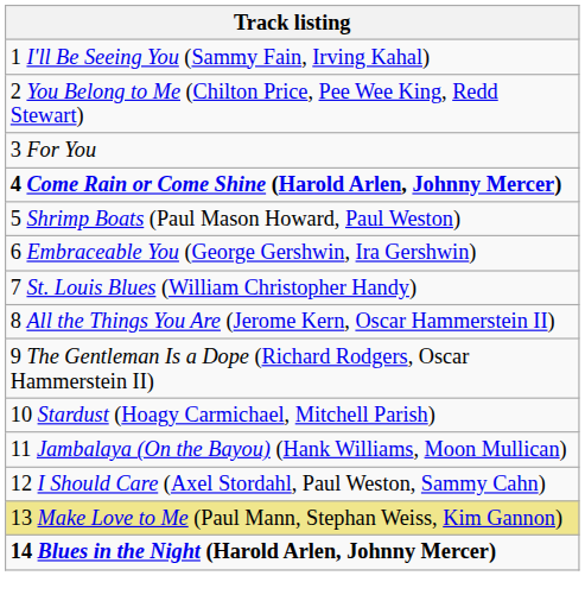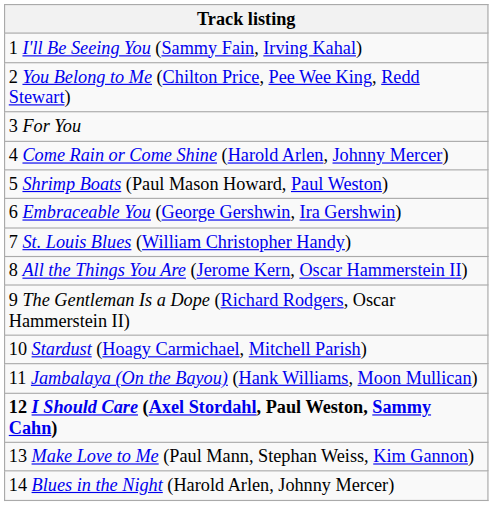 <table class="wikitable collapsible collapsed" style="width:425px;">
 <tr>
 <th>Track listing</th>
 </tr>
 <tr>
 <td>1 <em><a href='#'>I'll Be Seeing You</a></em> (<a href='#'>Sammy Fain</a>, <a href='#'>Irving Kahal</a>)</td>
 </tr>
 <tr>
 <td>2 <em><a href='#'>You Belong to Me</a></em> (<a href='#'>Chilton Price</a>, <a href='#'>Pee Wee King</a>, <a href='#'>Redd Stewart</a>)</td>
 </tr>
 <tr>
 <td>3 <em>For You</em></td>
 </tr>
 <tr>
-<td><strong>4  <em><a href='#'>Come Rain or Come Shine</a></em> (<a href='#'>Harold Arlen</a>, <a href='#'>Johnny Mercer</a>)</strong></td>
+<td>4  <em><a href='#'>Come Rain or Come Shine</a></em> (<a href='#'>Harold Arlen</a>, <a href='#'>Johnny Mercer</a>)</td>
 </tr>
 <tr>
 <td>5 <em><a href='#'>Shrimp Boats</a></em> (Paul Mason Howard, <a href='#'>Paul Weston</a>)</td>
 </tr>
 <tr>
 <td>6 <em><a href='#'>Embraceable You</a></em> (<a href='#'>George Gershwin</a>, <a href='#'>Ira Gershwin</a>)</td>
 </tr>
 <tr>
 <td>7 <em><a href='#'>St. Louis Blues</a></em> (<a href='#'>William Christopher Handy</a>)</td>
 </tr>
 <tr>
 <td>8 <em><a href='#'>All the Things You Are</a></em> (<a href='#'>Jerome Kern</a>, <a href='#'>Oscar Hammerstein II</a>)</td>
 </tr>
 <tr>
 <td>9 <em>The Gentleman Is a Dope</em> (<a href='#'>Richard Rodgers</a>, Oscar Hammerstein II)</td>
 </tr>
 <tr>
 <td>10 <em><a href='#'>Stardust</a></em> (<a href='#'>Hoagy Carmichael</a>, <a href='#'>Mitchell Parish</a>)</td>
 </tr>
 <tr>
 <td>11 <em><a href='#'>Jambalaya (On the Bayou)</a></em> (<a href='#'>Hank Williams</a>, <a href='#'>Moon Mullican</a>)</td>
 </tr>
 <tr>
-<td>12 <em><a href='#'>I Should Care</a></em> (<a href='#'>Axel Stordahl</a>, Paul Weston, <a href='#'>Sammy Cahn</a>)</td>
+<td><strong>12 <em><a href='#'>I Should Care</a></em> (<a href='#'>Axel Stordahl</a>, Paul Weston, <a href='#'>Sammy Cahn</a>)</strong></td>
 </tr>
 <tr>
-<td style="background: khaki;">13 <em><a href='#'>Make Love to Me</a></em> (Paul Mann, Stephan Weiss, <a href='#'>Kim Gannon</a>)</td>
+<td>13 <em><a href='#'>Make Love to Me</a></em> (Paul Mann, Stephan Weiss, <a href='#'>Kim Gannon</a>)</td>
 </tr>
 <tr>
-<td><strong>14  <em><a href='#'>Blues in the Night</a></em> (Harold Arlen, Johnny Mercer)</strong></td>
+<td>14  <em><a href='#'>Blues in the Night</a></em> (Harold Arlen, Johnny Mercer)</td>
 </tr>
 </table>
